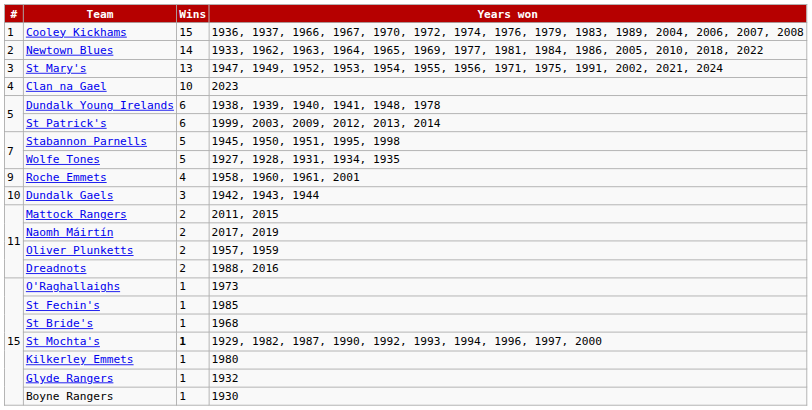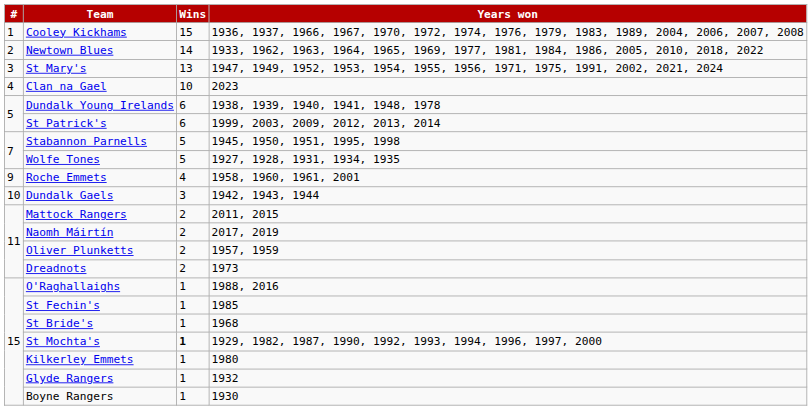 <table class="wikitable">
 <tr>
 <th style="background:#B60000;color:white">#</th>
 <th style="background:#B60000;color:white">Team</th>
 <th style="background:#B60000;color:white">Wins</th>
 <th style="background:#B60000;color:white">Years won</th>
 </tr>
 <tr>
 <td>1</td>
 <td><a href='#'>Cooley Kickhams</a></td>
 <td>15</td>
 <td>1936, 1937, 1966, 1967, 1970, 1972, 1974, 1976, 1979, 1983, 1989, 2004, 2006, 2007, 2008</td>
 </tr>
 <tr>
 <td>2</td>
 <td><a href='#'>Newtown Blues</a></td>
 <td>14</td>
 <td>1933, 1962, 1963, 1964, 1965, 1969, 1977, 1981, 1984, 1986, 2005, 2010, 2018, 2022</td>
 </tr>
 <tr>
 <td>3</td>
 <td><a href='#'>St Mary's</a></td>
 <td>13</td>
 <td>1947, 1949, 1952, 1953, 1954, 1955, 1956, 1971, 1975, 1991, 2002, 2021, 2024</td>
 </tr>
 <tr>
 <td>4</td>
 <td><a href='#'>Clan na Gael</a></td>
 <td>10</td>
 <td>2023</td>
 </tr>
 <tr>
 <td 5 rowspan=2>5</td>
 <td><a href='#'>Dundalk Young Irelands</a></td>
 <td>6</td>
 <td>1938, 1939, 1940, 1941, 1948, 1978</td>
 </tr>
 <tr>
 <td><a href='#'>St Patrick's</a></td>
 <td>6</td>
 <td>1999, 2003, 2009, 2012, 2013, 2014</td>
 </tr>
 <tr>
 <td 7 rowspan=2>7</td>
 <td><a href='#'>Stabannon Parnells</a></td>
 <td>5</td>
 <td>1945, 1950, 1951, 1995, 1998</td>
 </tr>
 <tr>
 <td><a href='#'>Wolfe Tones</a></td>
 <td>5</td>
 <td>1927, 1928, 1931, 1934, 1935</td>
 </tr>
 <tr>
 <td>9</td>
 <td><a href='#'>Roche Emmets</a></td>
 <td>4</td>
 <td>1958, 1960, 1961, 2001</td>
 </tr>
 <tr>
 <td>10</td>
 <td><a href='#'>Dundalk Gaels</a></td>
 <td>3</td>
 <td>1942, 1943, 1944</td>
 </tr>
 <tr>
 <td 11 rowspan=4>11</td>
 <td><a href='#'>Mattock Rangers</a></td>
 <td>2</td>
 <td>2011, 2015</td>
 </tr>
 <tr>
 <td><a href='#'>Naomh Máirtín</a></td>
 <td>2</td>
 <td>2017, 2019</td>
 </tr>
 <tr>
 <td><a href='#'>Oliver Plunketts</a></td>
 <td>2</td>
 <td>1957, 1959</td>
 </tr>
 <tr>
 <td><a href='#'>Dreadnots</a></td>
 <td>2</td>
-<td>1988, 2016</td>
+<td>1973</td>
 </tr>
 <tr>
 <td 14 rowspan=7>15</td>
 <td><a href='#'>O'Raghallaighs</a></td>
 <td>1</td>
-<td>1973</td>
+<td>1988, 2016</td>
 </tr>
 <tr>
 <td><a href='#'>St Fechin's</a></td>
 <td>1</td>
 <td>1985</td>
 </tr>
 <tr>
 <td><a href='#'>St Bride's</a></td>
 <td>1</td>
 <td>1968</td>
 </tr>
 <tr>
 <td><a href='#'>St Mochta's</a></td>
 <td><strong>1</strong></td>
 <td>1929, 1982, 1987, 1990, 1992, 1993, 1994, 1996, 1997, 2000</td>
 </tr>
 <tr>
 <td><a href='#'>Kilkerley Emmets</a></td>
 <td>1</td>
 <td>1980</td>
 </tr>
 <tr>
 <td><a href='#'>Glyde Rangers</a></td>
 <td>1</td>
 <td>1932</td>
 </tr>
 <tr>
 <td>Boyne Rangers</td>
 <td>1</td>
 <td>1930</td>
 </tr>
 </table>
